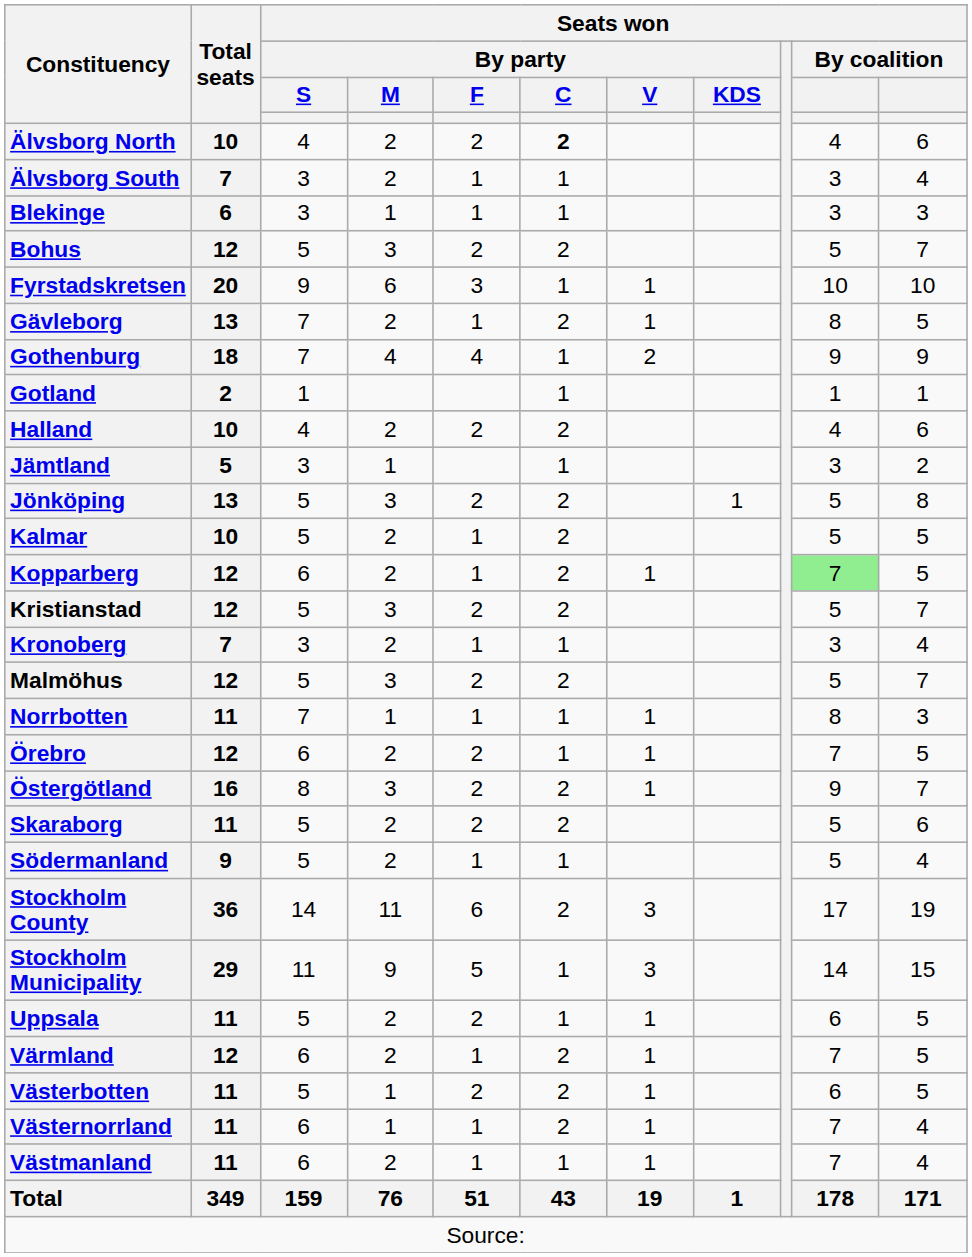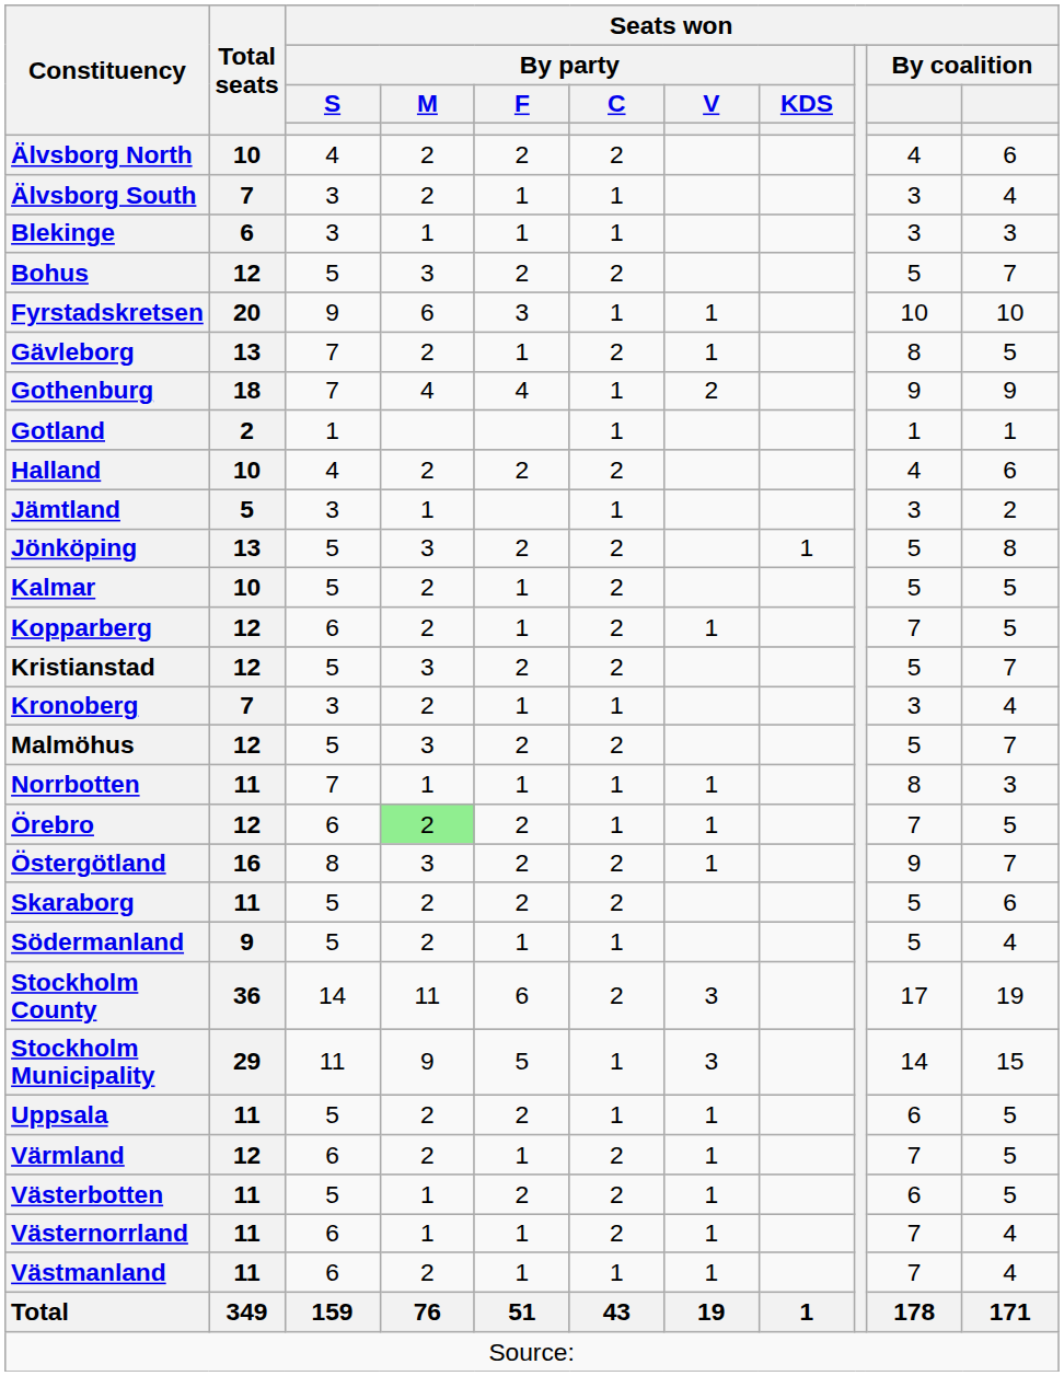 <table class="wikitable" style="text-align:center; font-size: 0.9em;">
 <tr>
 <th rowspan="4">Constituency</th>
 <th rowspan="4">Total<br>seats</th>
 <th colspan="9">Seats won</th>
 </tr>
 <tr>
 <th colspan="6">By party</th>
 <th rowspan="32"></th>
 <th colspan="2">By coalition</th>
 </tr>
 <tr>
 <th class="unsortable" style="width:50px;"><a href='#'>S</a></th>
 <th class="unsortable" style="width:50px;"><a href='#'>M</a></th>
 <th class="unsortable" style="width:50px;"><a href='#'>F</a></th>
 <th class="unsortable" style="width:50px;"><a href='#'>C</a></th>
 <th class="unsortable" style="width:50px;"><a href='#'>V</a></th>
 <th class="unsortable" style="width:50px;"><a href='#'>KDS</a></th>
 <th class="unsortable" style="width:50px;"></th>
 <th class="unsortable" style="width:50px;"></th>
 </tr>
 <tr>
 <th style="background:"></th>
 <th style="background:"></th>
 <th style="background:"></th>
 <th style="background:"></th>
 <th style="background:"></th>
 <th style="background:"></th>
 <th style="background:"></th>
 <th style="background:"></th>
 </tr>
 <tr>
 <th style="text-align: left;"><a href='#'>Älvsborg North</a></th>
 <th>10</th>
 <td>4</td>
 <td>2</td>
 <td>2</td>
-<td><strong>2</strong></td>
+<td>2</td>
 <td></td>
 <td></td>
 <td>4</td>
 <td>6</td>
 </tr>
 <tr>
 <th style="text-align: left;"><a href='#'>Älvsborg South</a></th>
 <th>7</th>
 <td>3</td>
 <td>2</td>
 <td>1</td>
 <td>1</td>
 <td></td>
 <td></td>
 <td>3</td>
 <td>4</td>
 </tr>
 <tr>
 <th style="text-align: left;"><a href='#'>Blekinge</a></th>
 <th>6</th>
 <td>3</td>
 <td>1</td>
 <td>1</td>
 <td>1</td>
 <td></td>
 <td></td>
 <td>3</td>
 <td>3</td>
 </tr>
 <tr>
 <th style="text-align: left;"><a href='#'>Bohus</a></th>
 <th>12</th>
 <td>5</td>
 <td>3</td>
 <td>2</td>
 <td>2</td>
 <td></td>
 <td></td>
 <td>5</td>
 <td>7</td>
 </tr>
 <tr>
 <th style="text-align: left;"><a href='#'>Fyrstadskretsen</a></th>
 <th>20</th>
 <td>9</td>
 <td>6</td>
 <td>3</td>
 <td>1</td>
 <td>1</td>
 <td></td>
 <td>10</td>
 <td>10</td>
 </tr>
 <tr>
 <th style="text-align: left;"><a href='#'>Gävleborg</a></th>
 <th>13</th>
 <td>7</td>
 <td>2</td>
 <td>1</td>
 <td>2</td>
 <td>1</td>
 <td></td>
 <td>8</td>
 <td>5</td>
 </tr>
 <tr>
 <th style="text-align: left;"><a href='#'>Gothenburg</a></th>
 <th>18</th>
 <td>7</td>
 <td>4</td>
 <td>4</td>
 <td>1</td>
 <td>2</td>
 <td></td>
 <td>9</td>
 <td>9</td>
 </tr>
 <tr>
 <th style="text-align: left;"><a href='#'>Gotland</a></th>
 <th>2</th>
 <td>1</td>
 <td></td>
 <td></td>
 <td>1</td>
 <td></td>
 <td></td>
 <td>1</td>
 <td>1</td>
 </tr>
 <tr>
 <th style="text-align: left;"><a href='#'>Halland</a></th>
 <th>10</th>
 <td>4</td>
 <td>2</td>
 <td>2</td>
 <td>2</td>
 <td></td>
 <td></td>
 <td>4</td>
 <td>6</td>
 </tr>
 <tr>
 <th style="text-align: left;"><a href='#'>Jämtland</a></th>
 <th>5</th>
 <td>3</td>
 <td>1</td>
 <td></td>
 <td>1</td>
 <td></td>
 <td></td>
 <td>3</td>
 <td>2</td>
 </tr>
 <tr>
 <th style="text-align: left;"><a href='#'>Jönköping</a></th>
 <th>13</th>
 <td>5</td>
 <td>3</td>
 <td>2</td>
 <td>2</td>
 <td></td>
 <td>1</td>
 <td>5</td>
 <td>8</td>
 </tr>
 <tr>
 <th style="text-align: left;"><a href='#'>Kalmar</a></th>
 <th>10</th>
 <td>5</td>
 <td>2</td>
 <td>1</td>
 <td>2</td>
 <td></td>
 <td></td>
 <td>5</td>
 <td>5</td>
 </tr>
 <tr>
 <th style="text-align: left;"><a href='#'>Kopparberg</a></th>
 <th>12</th>
 <td>6</td>
 <td>2</td>
 <td>1</td>
 <td>2</td>
 <td>1</td>
 <td></td>
-<td style="background: lightgreen;">7</td>
+<td>7</td>
 <td>5</td>
 </tr>
 <tr>
 <th style="text-align: left;">Kristianstad</th>
 <th>12</th>
 <td>5</td>
 <td>3</td>
 <td>2</td>
 <td>2</td>
 <td></td>
 <td></td>
 <td>5</td>
 <td>7</td>
 </tr>
 <tr>
 <th style="text-align: left;"><a href='#'>Kronoberg</a></th>
 <th>7</th>
 <td>3</td>
 <td>2</td>
 <td>1</td>
 <td>1</td>
 <td></td>
 <td></td>
 <td>3</td>
 <td>4</td>
 </tr>
 <tr>
 <th style="text-align: left;">Malmöhus</th>
 <th>12</th>
 <td>5</td>
 <td>3</td>
 <td>2</td>
 <td>2</td>
 <td></td>
 <td></td>
 <td>5</td>
 <td>7</td>
 </tr>
 <tr>
 <th style="text-align: left;"><a href='#'>Norrbotten</a></th>
 <th>11</th>
 <td>7</td>
 <td>1</td>
 <td>1</td>
 <td>1</td>
 <td>1</td>
 <td></td>
 <td>8</td>
 <td>3</td>
 </tr>
 <tr>
 <th style="text-align: left;"><a href='#'>Örebro</a></th>
 <th>12</th>
 <td>6</td>
-<td>2</td>
+<td style="background: lightgreen;">2</td>
 <td>2</td>
 <td>1</td>
 <td>1</td>
 <td></td>
 <td>7</td>
 <td>5</td>
 </tr>
 <tr>
 <th style="text-align: left;"><a href='#'>Östergötland</a></th>
 <th>16</th>
 <td>8</td>
 <td>3</td>
 <td>2</td>
 <td>2</td>
 <td>1</td>
 <td></td>
 <td>9</td>
 <td>7</td>
 </tr>
 <tr>
 <th style="text-align: left;"><a href='#'>Skaraborg</a></th>
 <th>11</th>
 <td>5</td>
 <td>2</td>
 <td>2</td>
 <td>2</td>
 <td></td>
 <td></td>
 <td>5</td>
 <td>6</td>
 </tr>
 <tr>
 <th style="text-align: left;"><a href='#'>Södermanland</a></th>
 <th>9</th>
 <td>5</td>
 <td>2</td>
 <td>1</td>
 <td>1</td>
 <td></td>
 <td></td>
 <td>5</td>
 <td>4</td>
 </tr>
 <tr>
 <th style="text-align: left;"><a href='#'>Stockholm County</a></th>
 <th>36</th>
 <td>14</td>
 <td>11</td>
 <td>6</td>
 <td>2</td>
 <td>3</td>
 <td></td>
 <td>17</td>
 <td>19</td>
 </tr>
 <tr>
 <th style="text-align: left;"><a href='#'>Stockholm Municipality</a></th>
 <th>29</th>
 <td>11</td>
 <td>9</td>
 <td>5</td>
 <td>1</td>
 <td>3</td>
 <td></td>
 <td>14</td>
 <td>15</td>
 </tr>
 <tr>
 <th style="text-align: left;"><a href='#'>Uppsala</a></th>
 <th>11</th>
 <td>5</td>
 <td>2</td>
 <td>2</td>
 <td>1</td>
 <td>1</td>
 <td></td>
 <td>6</td>
 <td>5</td>
 </tr>
 <tr>
 <th style="text-align: left;"><a href='#'>Värmland</a></th>
 <th>12</th>
 <td>6</td>
 <td>2</td>
 <td>1</td>
 <td>2</td>
 <td>1</td>
 <td></td>
 <td>7</td>
 <td>5</td>
 </tr>
 <tr>
 <th style="text-align: left;"><a href='#'>Västerbotten</a></th>
 <th>11</th>
 <td>5</td>
 <td>1</td>
 <td>2</td>
 <td>2</td>
 <td>1</td>
 <td></td>
 <td>6</td>
 <td>5</td>
 </tr>
 <tr>
 <th style="text-align: left;"><a href='#'>Västernorrland</a></th>
 <th>11</th>
 <td>6</td>
 <td>1</td>
 <td>1</td>
 <td>2</td>
 <td>1</td>
 <td></td>
 <td>7</td>
 <td>4</td>
 </tr>
 <tr>
 <th style="text-align: left;"><a href='#'>Västmanland</a></th>
 <th>11</th>
 <td>6</td>
 <td>2</td>
 <td>1</td>
 <td>1</td>
 <td>1</td>
 <td></td>
 <td>7</td>
 <td>4</td>
 </tr>
 <tr>
 <th style="text-align: left;">Total</th>
 <th>349</th>
 <th>159</th>
 <th>76</th>
 <th>51</th>
 <th>43</th>
 <th>19</th>
 <th>1</th>
 <th>178</th>
 <th>171</th>
 </tr>
 <tr>
 <td colspan="11">Source: </td>
 </tr>
 </table>
